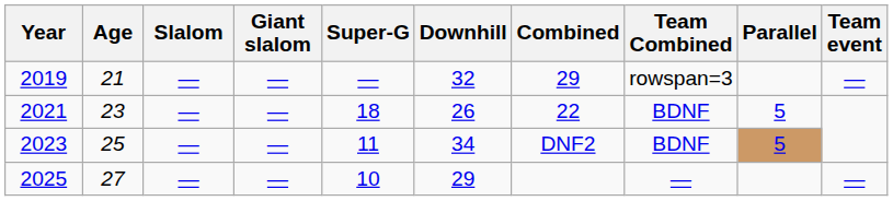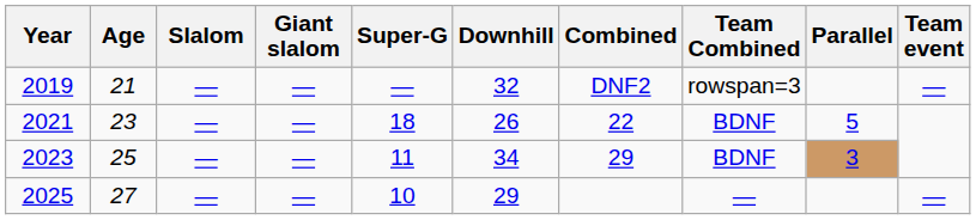 <table class=wikitable style="text-align:center">
 <tr>
 <th>  Year  </th>
 <th> Age </th>
 <th> Slalom </th>
 <th> Giant <br> slalom </th>
 <th>Super-G</th>
 <th>Downhill</th>
 <th>Combined</th>
 <th>Team<br>Combined</th>
 <th>Parallel</th>
 <th>Team<br>event</th>
 </tr>
 <tr>
 <td><a href='#'>2019</a></td>
 <td><em>21</em></td>
 <td><a href='#'>—</a></td>
 <td><a href='#'>—</a></td>
 <td><a href='#'>—</a></td>
 <td><a href='#'>32</a></td>
-<td><a href='#'>29</a></td>
+<td><a href='#'>DNF2</a></td>
 <td>rowspan=3</td>
 <td></td>
 <td><a href='#'>—</a></td>
 </tr>
 <tr>
 <td><a href='#'>2021</a></td>
 <td><em>23</em></td>
 <td><a href='#'>—</a></td>
 <td><a href='#'>—</a></td>
 <td><a href='#'>18</a></td>
 <td><a href='#'>26</a></td>
 <td><a href='#'>22</a></td>
 <td><a href='#'>BDNF</a></td>
 <td><a href='#'>5</a></td>
 </tr>
 <tr>
 <td><a href='#'>2023</a></td>
 <td><em>25</em></td>
 <td><a href='#'>—</a></td>
 <td><a href='#'>—</a></td>
 <td><a href='#'>11</a></td>
 <td><a href='#'>34</a></td>
-<td><a href='#'>DNF2</a></td>
+<td><a href='#'>29</a></td>
 <td><a href='#'>BDNF</a></td>
-<td bgcolor="cc9966"><a href='#'>5</a></td>
+<td bgcolor="cc9966"><a href='#'>3</a></td>
 </tr>
 <tr>
 <td><a href='#'>2025</a></td>
 <td><em>27</em></td>
 <td><a href='#'>—</a></td>
 <td><a href='#'>—</a></td>
 <td><a href='#'>10</a></td>
 <td><a href='#'>29</a></td>
 <td></td>
 <td><a href='#'>—</a></td>
 <td></td>
 <td><a href='#'>—</a></td>
 </tr>
 </table>
